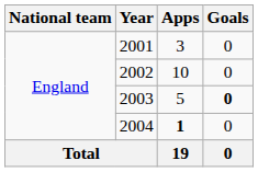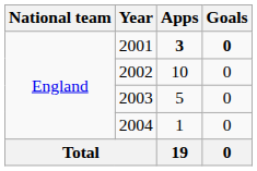 <table class=wikitable style=text-align:center>
 <tr>
 <th>National team</th>
 <th>Year</th>
 <th>Apps</th>
 <th>Goals</th>
 </tr>
 <tr>
 <td rowspan=4><a href='#'>England</a></td>
 <td>2001</td>
-<td>3</td>
-<td>0</td>
+<td><strong>3</strong></td>
+<td><strong>0</strong></td>
 </tr>
 <tr>
 <td>2002</td>
 <td>10</td>
 <td>0</td>
 </tr>
 <tr>
 <td>2003</td>
 <td>5</td>
-<td><strong>0</strong></td>
+<td>0</td>
 </tr>
 <tr>
 <td>2004</td>
-<td><strong>1</strong></td>
+<td>1</td>
 <td>0</td>
 </tr>
 <tr>
 <th colspan=2>Total</th>
 <th>19</th>
 <th>0</th>
 </tr>
 </table>
